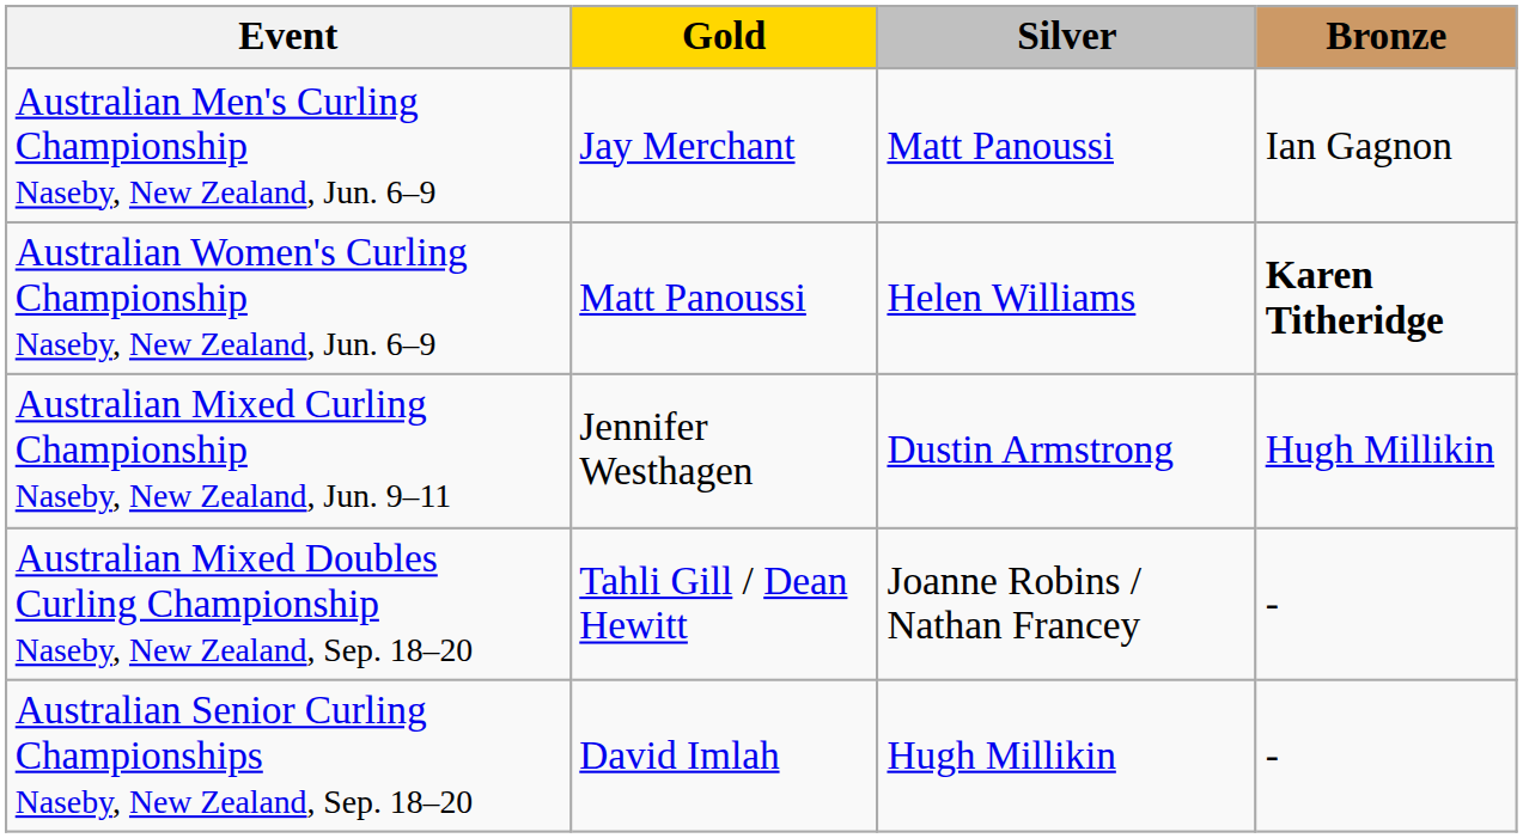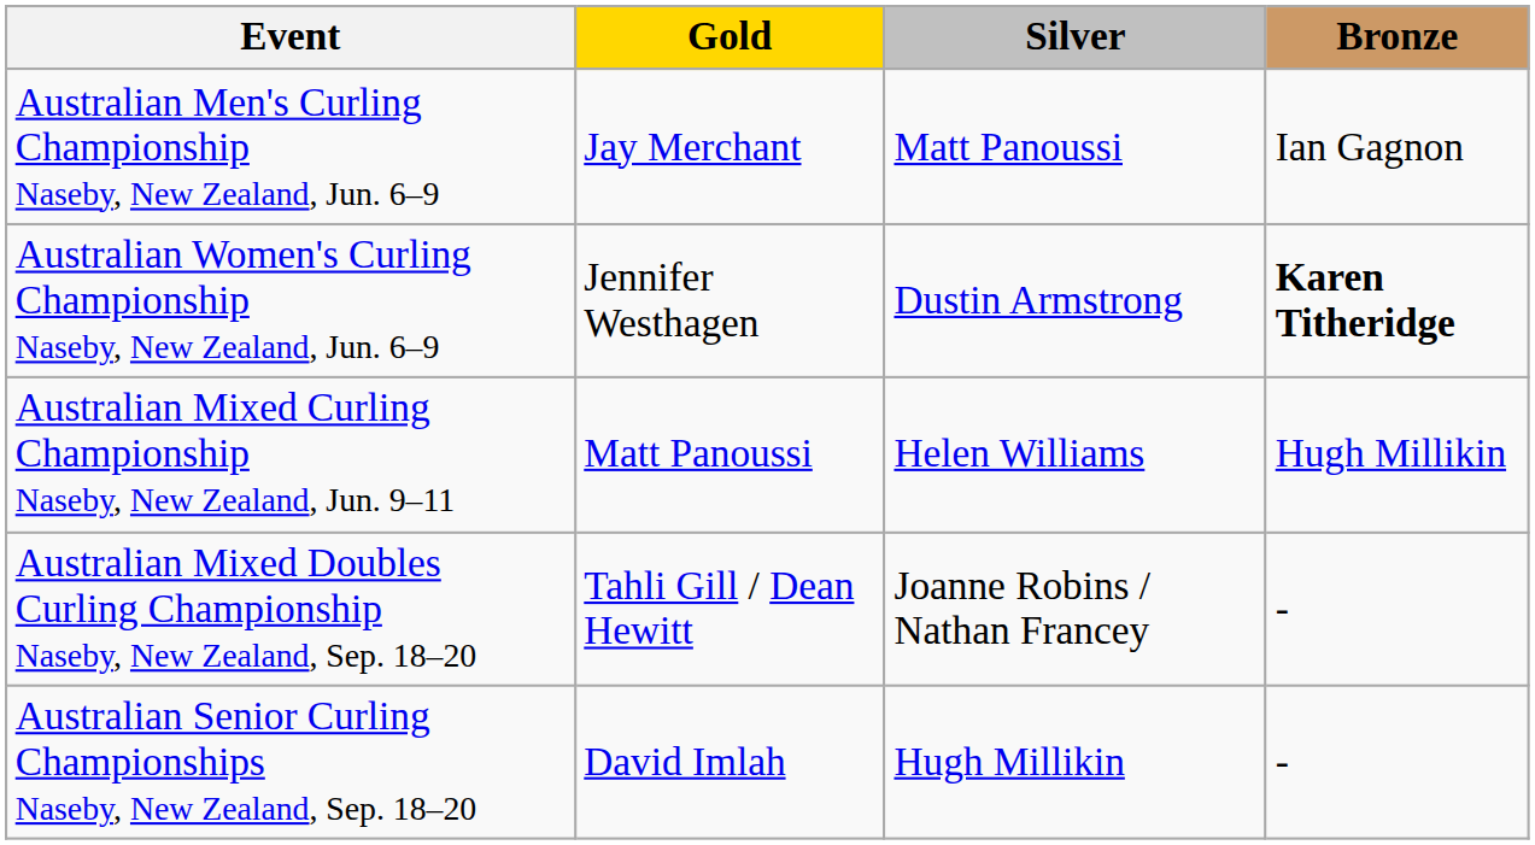 <table class="wikitable">
 <tr>
 <th>Event</th>
 <th style="background:gold">Gold</th>
 <th style="background:silver">Silver</th>
 <th style="background:#cc9966">Bronze</th>
 </tr>
 <tr>
 <td><a href='#'>Australian Men's Curling Championship</a> <br> <small><a href='#'>Naseby</a>, <a href='#'>New Zealand</a>, Jun. 6–9</small></td>
 <td><a href='#'>Jay Merchant</a></td>
 <td><a href='#'>Matt Panoussi</a></td>
 <td>Ian Gagnon</td>
 </tr>
 <tr>
 <td><a href='#'>Australian Women's Curling Championship</a> <br> <small><a href='#'>Naseby</a>, <a href='#'>New Zealand</a>, Jun. 6–9</small></td>
-<td><a href='#'>Matt Panoussi</a></td>
-<td><a href='#'>Helen Williams</a></td>
+<td>Jennifer Westhagen</td>
+<td><a href='#'>Dustin Armstrong</a></td>
 <td><strong>Karen Titheridge</strong></td>
 </tr>
 <tr>
 <td><a href='#'>Australian Mixed Curling Championship</a> <br> <small><a href='#'>Naseby</a>, <a href='#'>New Zealand</a>, Jun. 9–11</small></td>
-<td>Jennifer Westhagen</td>
-<td><a href='#'>Dustin Armstrong</a></td>
+<td><a href='#'>Matt Panoussi</a></td>
+<td><a href='#'>Helen Williams</a></td>
 <td><a href='#'>Hugh Millikin</a></td>
 </tr>
 <tr>
 <td><a href='#'>Australian Mixed Doubles Curling Championship</a> <br> <small><a href='#'>Naseby</a>, <a href='#'>New Zealand</a>, Sep. 18–20</small></td>
 <td><a href='#'>Tahli Gill</a> / <a href='#'>Dean Hewitt</a></td>
 <td>Joanne Robins / Nathan Francey</td>
 <td>-<br></td>
 </tr>
 <tr>
 <td><a href='#'>Australian Senior Curling Championships</a> <br> <small><a href='#'>Naseby</a>, <a href='#'>New Zealand</a>, Sep. 18–20</small></td>
 <td><a href='#'>David Imlah</a></td>
 <td><a href='#'>Hugh Millikin</a></td>
 <td>-</td>
 </tr>
 </table>
